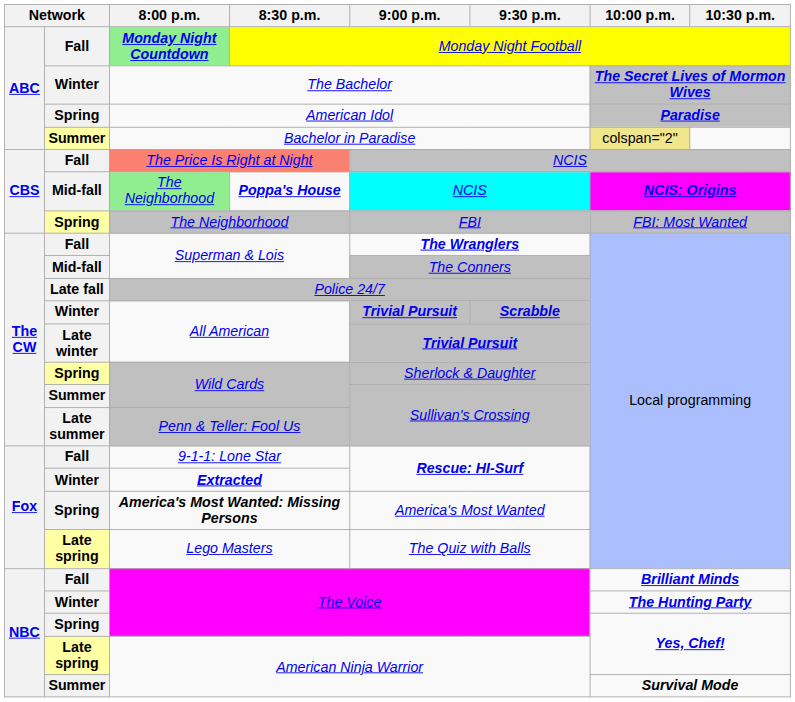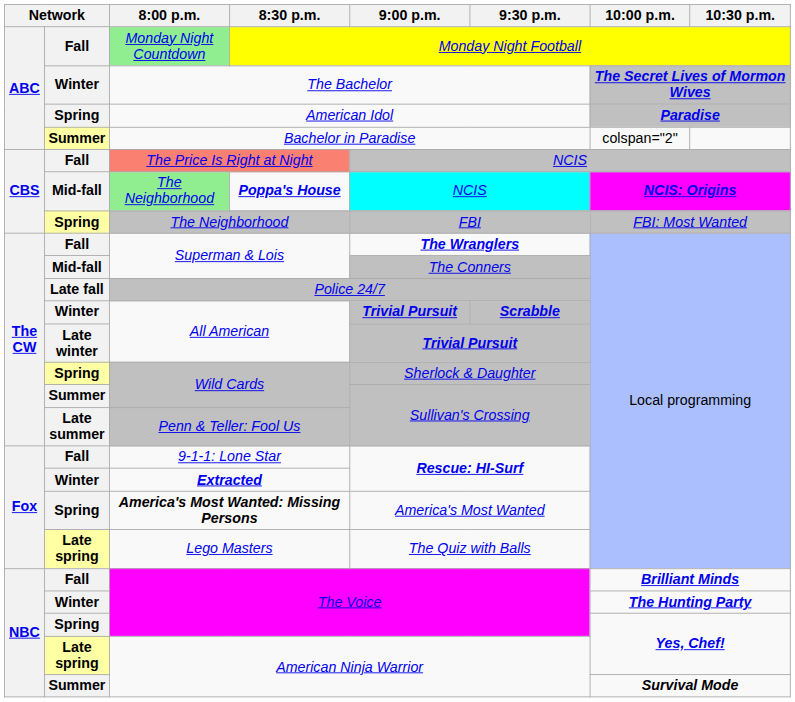 <table class="wikitable" style="width:100%;margin-right:0;text-align:center">
 <tr>
 <th colspan="2" style="width:13%;">Network</th>
 <th style="width:15%;">8:00 p.m.</th>
 <th style="width:15%;">8:30 p.m.</th>
 <th style="width:15%;">9:00 p.m.</th>
 <th style="width:15%;">9:30 p.m.</th>
 <th style="width:12.5%;">10:00 p.m.</th>
 <th style="width:12.5%;">10:30 p.m.</th>
 </tr>
 <tr>
 <th rowspan="4"><a href='#'>ABC</a></th>
 <th>Fall</th>
-<td style="background:lightgreen;"><strong><em><a href='#'>Monday Night Countdown</a></em></strong></td>
+<td style="background:lightgreen;"><em><a href='#'>Monday Night Countdown</a></em></td>
 <td colspan="5" style="background:yellow;"><em><a href='#'>Monday Night Football</a></em>  </td>
 </tr>
 <tr>
 <th>Winter</th>
 <td colspan="4"><em><a href='#'>The Bachelor</a></em></td>
 <td colspan="2" style="background:#C0C0C0;"><strong><em><a href='#'>The Secret Lives of Mormon Wives</a></em></strong> </td>
 </tr>
 <tr>
 <th>Spring</th>
 <td colspan="4"><em><a href='#'>American Idol</a></em></td>
 <td colspan="2" style="background:#C0C0C0;"><strong><em><a href='#'>Paradise</a></em></strong> </td>
 </tr>
 <tr>
 <th style="background:#FFFFA3;">Summer</th>
 <td colspan="4"><em><a href='#'>Bachelor in Paradise</a></em> </td>
-<td style="background: khaki;">colspan="2" </td>
+<td>colspan="2" </td>
 </tr>
 <tr>
 <th rowspan="3"><a href='#'>CBS</a></th>
 <th>Fall</th>
 <td colspan="2" style="background:#FA8072;"><em><a href='#'>The Price Is Right at Night</a></em></td>
 <td colspan="4" style="background:#C0C0C0;"><em><a href='#'>NCIS</a></em> </td>
 </tr>
 <tr>
 <th>Mid-fall</th>
 <td style="background: lightgreen;"><em><a href='#'>The Neighborhood</a></em></td>
 <td><strong><em><a href='#'>Poppa's House</a></em></strong></td>
 <td colspan="2" style="background:cyan;"><em><a href='#'>NCIS</a></em> <br></td>
 <td colspan="2" style="background:magenta;"><strong><em><a href='#'>NCIS: Origins</a></em></strong> </td>
 </tr>
 <tr>
 <th style="background:#FFFFA3;">Spring</th>
 <td colspan="2" style="background:#C0C0C0;"><em><a href='#'>The Neighborhood</a></em>  </td>
 <td colspan="2" style="background:#C0C0C0;"><em><a href='#'>FBI</a></em>  </td>
 <td colspan="2" style="background:#C0C0C0;"><em><a href='#'>FBI: Most Wanted</a></em>  </td>
 </tr>
 <tr>
 <th rowspan="8"><a href='#'>The CW</a></th>
 <th>Fall</th>
 <td rowspan="2" colspan="2"><em><a href='#'>Superman & Lois</a></em></td>
 <td colspan="2"><strong><em><a href='#'>The Wranglers</a></em></strong></td>
 <td rowspan="12" colspan="2" style="background:#abbfff;">Local programming</td>
 </tr>
 <tr>
 <th>Mid-fall</th>
 <td colspan="2" style="background:#C0C0C0;"><em><a href='#'>The Conners</a></em> </td>
 </tr>
 <tr>
 <th>Late fall</th>
 <td colspan="4" style="background:#C0C0C0;"><em><a href='#'>Police 24/7</a></em> </td>
 </tr>
 <tr>
 <th>Winter</th>
 <td rowspan="2" colspan="2"><em><a href='#'>All American</a></em></td>
 <td style="background:#C0C0C0;"><strong><em><a href='#'>Trivial Pursuit</a></em></strong> </td>
 <td style="background:#C0C0C0;"><strong><em><a href='#'>Scrabble</a></em></strong> </td>
 </tr>
 <tr>
 <th>Late winter</th>
 <td colspan="2" style="background:#C0C0C0;"><strong><em><a href='#'>Trivial Pursuit</a></em></strong> </td>
 </tr>
 <tr>
 <th style="background:#FFFFA3;">Spring</th>
 <td rowspan="2" colspan="2" style="background:#C0C0C0;"><em><a href='#'>Wild Cards</a></em> </td>
 <td colspan="2" style="background:#C0C0C0;"><em><a href='#'>Sherlock & Daughter</a></em> </td>
 </tr>
 <tr>
 <th>Summer</th>
 <td rowspan="2" colspan="2" style="background:#C0C0C0;"><em><a href='#'>Sullivan's Crossing</a></em>  </td>
 </tr>
 <tr>
 <th>Late summer</th>
 <td colspan="2" style="background:#C0C0C0;"><em><a href='#'>Penn & Teller: Fool Us</a></em>  </td>
 </tr>
 <tr>
 <th rowspan="4"><a href='#'>Fox</a></th>
 <th>Fall</th>
 <td colspan="2"><em><a href='#'>9-1-1: Lone Star</a></em></td>
 <td rowspan="2" colspan="2"><strong><em><a href='#'>Rescue: HI-Surf</a></em></strong></td>
 </tr>
 <tr>
 <th>Winter</th>
 <td colspan="2"><strong><em><a href='#'>Extracted</a></em></strong></td>
 </tr>
 <tr>
 <th>Spring</th>
 <td colspan="2"><strong><em>America's Most Wanted: Missing Persons</em></strong></td>
 <td colspan="2"><em><a href='#'>America's Most Wanted</a></em></td>
 </tr>
 <tr>
 <th style="background:#FFFFA3;">Late spring</th>
 <td colspan="2"><em><a href='#'>Lego Masters</a></em></td>
 <td colspan="2"><em><a href='#'>The Quiz with Balls</a></em> </td>
 </tr>
 <tr>
 <th rowspan="5"><a href='#'>NBC</a></th>
 <th>Fall</th>
 <td rowspan="3" colspan="4" style="background:magenta;"><em><a href='#'>The Voice</a></em> <br></td>
 <td colspan="2"><strong><em><a href='#'>Brilliant Minds</a></em></strong></td>
 </tr>
 <tr>
 <th>Winter</th>
 <td colspan="2"><strong><em><a href='#'>The Hunting Party</a></em></strong></td>
 </tr>
 <tr>
 <th>Spring</th>
 <td rowspan="2" colspan="2"><strong><em><a href='#'>Yes, Chef!</a></em></strong></td>
 </tr>
 <tr>
 <th style="background:#FFFFA3;">Late spring</th>
 <td rowspan="2" colspan="4"><em><a href='#'>American Ninja Warrior</a></em> </td>
 </tr>
 <tr>
 <th>Summer</th>
 <td colspan="2"><strong><em>Survival Mode</em></strong> </td>
 </tr>
 </table>
